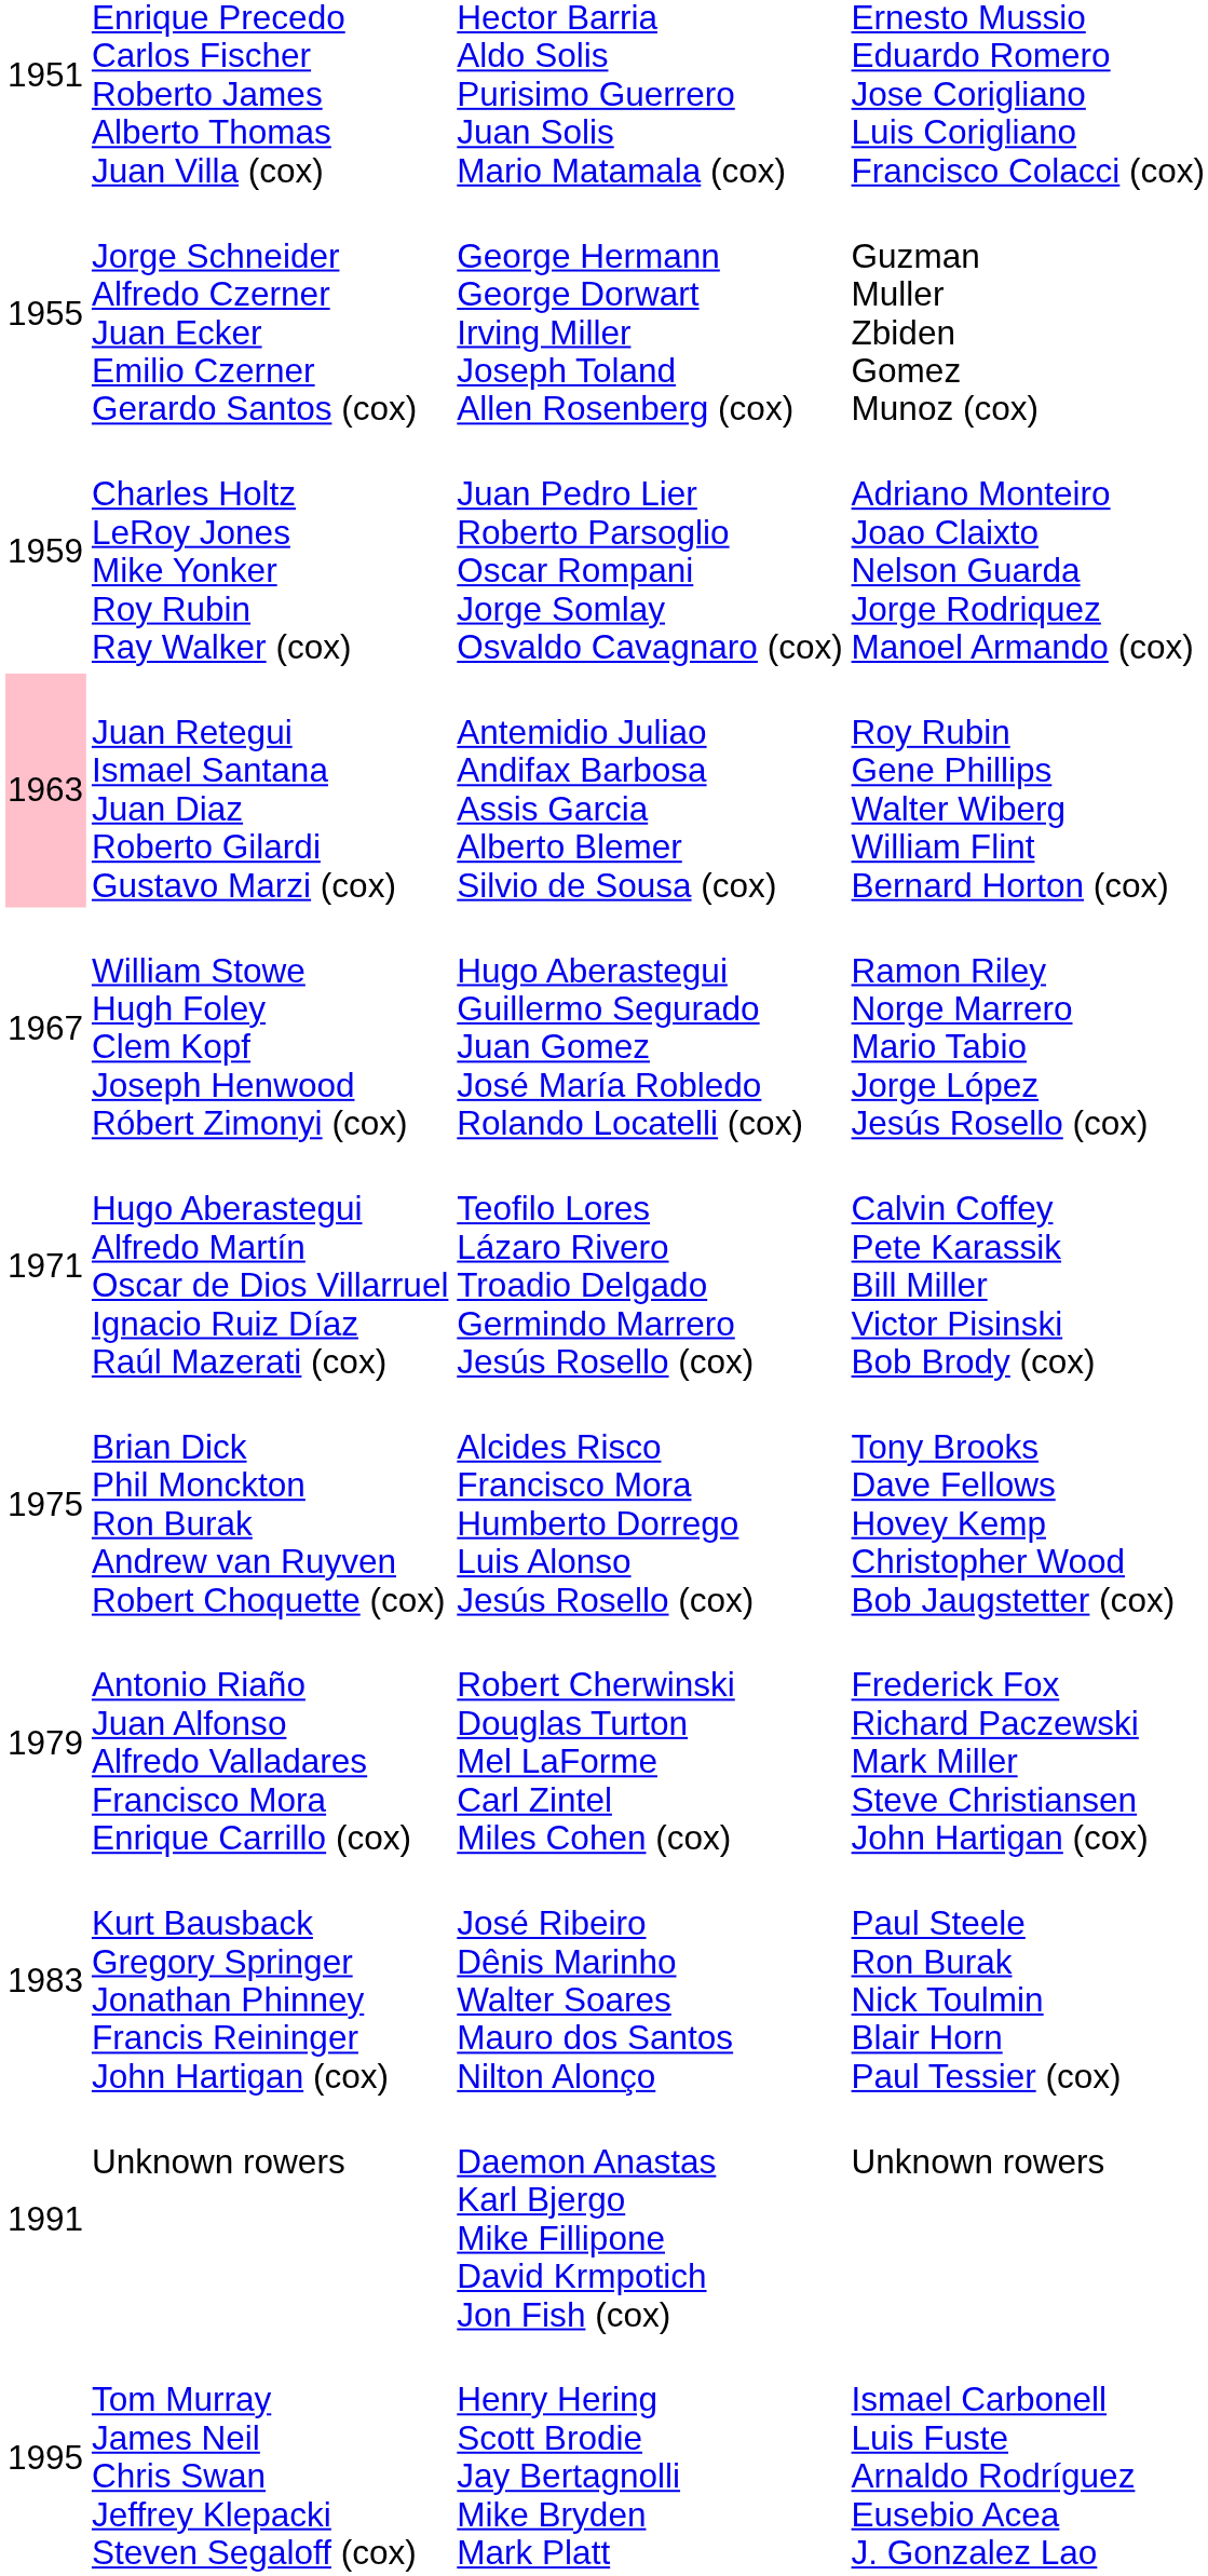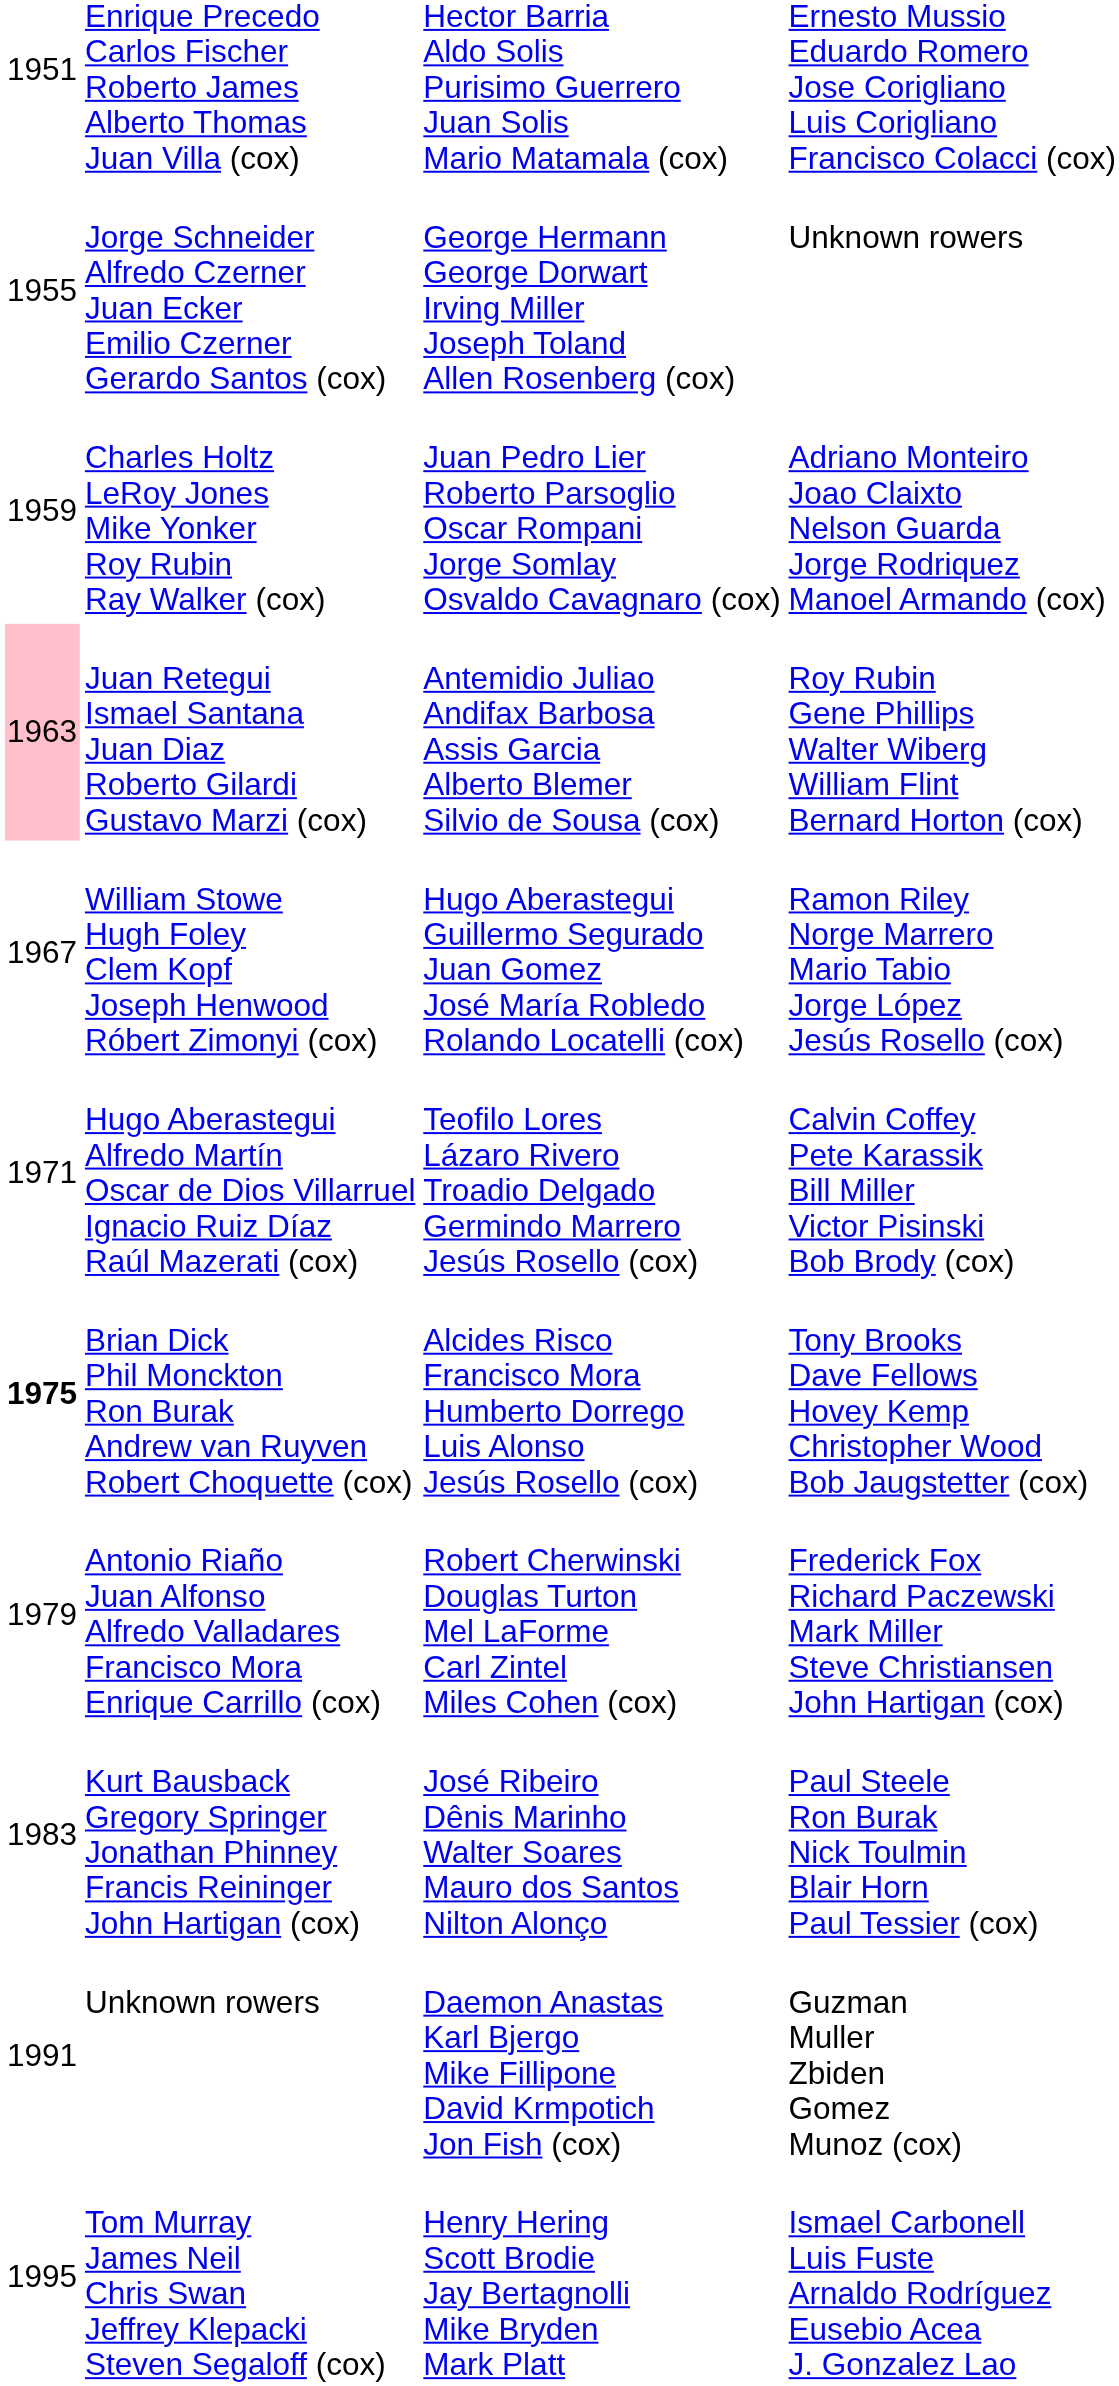 <table>
 <tr>
 <td>1951</td>
 <td><br><a href='#'>Enrique Precedo</a><br><a href='#'>Carlos Fischer</a><br><a href='#'>Roberto James</a><br><a href='#'>Alberto Thomas</a><br><a href='#'>Juan Villa</a> (cox)</td>
 <td><br><a href='#'>Hector Barria</a><br><a href='#'>Aldo Solis</a><br><a href='#'>Purisimo Guerrero</a><br><a href='#'>Juan Solis</a><br><a href='#'>Mario Matamala</a> (cox)</td>
 <td><br><a href='#'>Ernesto Mussio</a><br><a href='#'>Eduardo Romero</a><br><a href='#'>Jose Corigliano</a><br><a href='#'>Luis Corigliano</a><br><a href='#'>Francisco Colacci</a> (cox)</td>
 </tr>
 <tr>
 <td>1955</td>
 <td><br><a href='#'>Jorge Schneider</a><br><a href='#'>Alfredo Czerner</a><br><a href='#'>Juan Ecker</a><br><a href='#'>Emilio Czerner</a><br><a href='#'>Gerardo Santos</a> (cox)</td>
 <td><br><a href='#'>George Hermann</a><br><a href='#'>George Dorwart</a><br><a href='#'>Irving Miller</a><br><a href='#'>Joseph Toland</a><br><a href='#'>Allen Rosenberg</a> (cox)</td>
-<td><br>Guzman<br>Muller<br>Zbiden<br>Gomez<br>Munoz (cox)</td>
+<td valign=top><br>Unknown rowers</td>
 </tr>
 <tr>
 <td>1959</td>
 <td><br><a href='#'>Charles Holtz</a><br><a href='#'>LeRoy Jones</a><br><a href='#'>Mike Yonker</a><br><a href='#'>Roy Rubin</a><br><a href='#'>Ray Walker</a> (cox)</td>
 <td><br><a href='#'>Juan Pedro Lier</a><br><a href='#'>Roberto Parsoglio</a><br><a href='#'>Oscar Rompani</a><br><a href='#'>Jorge Somlay</a><br><a href='#'>Osvaldo Cavagnaro</a> (cox)</td>
 <td><br><a href='#'>Adriano Monteiro</a><br><a href='#'>Joao Claixto</a><br><a href='#'>Nelson Guarda</a><br><a href='#'>Jorge Rodriquez</a><br><a href='#'>Manoel Armando</a> (cox)</td>
 </tr>
 <tr>
 <td style="background: pink;">1963</td>
 <td><br><a href='#'>Juan Retegui</a><br><a href='#'>Ismael Santana</a><br><a href='#'>Juan Diaz</a><br><a href='#'>Roberto Gilardi</a><br><a href='#'>Gustavo Marzi</a> (cox)</td>
 <td><br><a href='#'>Antemidio Juliao</a><br><a href='#'>Andifax Barbosa</a><br><a href='#'>Assis Garcia</a><br><a href='#'>Alberto Blemer</a><br><a href='#'>Silvio de Sousa</a> (cox)</td>
 <td><br><a href='#'>Roy Rubin</a><br><a href='#'>Gene Phillips</a><br><a href='#'>Walter Wiberg</a><br><a href='#'>William Flint</a><br><a href='#'>Bernard Horton</a> (cox)</td>
 </tr>
 <tr>
 <td>1967</td>
 <td><br><a href='#'>William Stowe</a><br> <a href='#'>Hugh Foley</a><br> <a href='#'>Clem Kopf</a><br> <a href='#'>Joseph Henwood</a><br> <a href='#'>Róbert Zimonyi</a> (cox)</td>
 <td><br><a href='#'>Hugo Aberastegui</a><br> <a href='#'>Guillermo Segurado</a><br> <a href='#'>Juan Gomez</a><br> <a href='#'>José María Robledo</a><br> <a href='#'>Rolando Locatelli</a> (cox)</td>
 <td><br><a href='#'>Ramon Riley</a><br> <a href='#'>Norge Marrero</a><br> <a href='#'>Mario Tabio</a><br> <a href='#'>Jorge López</a><br> <a href='#'>Jesús Rosello</a> (cox)</td>
 </tr>
 <tr>
 <td>1971</td>
 <td><br><a href='#'>Hugo Aberastegui</a><br><a href='#'>Alfredo Martín</a><br><a href='#'>Oscar de Dios Villarruel</a><br><a href='#'>Ignacio Ruiz Díaz</a><br><a href='#'>Raúl Mazerati</a> (cox)</td>
 <td><br><a href='#'>Teofilo Lores</a><br><a href='#'>Lázaro Rivero</a><br><a href='#'>Troadio Delgado</a><br><a href='#'>Germindo Marrero</a><br><a href='#'>Jesús Rosello</a> (cox)</td>
 <td><br><a href='#'>Calvin Coffey</a><br> <a href='#'>Pete Karassik</a><br> <a href='#'>Bill Miller</a><br> <a href='#'>Victor Pisinski</a><br> <a href='#'>Bob Brody</a> (cox)</td>
 </tr>
 <tr>
-<td>1975</td>
+<td><strong>1975</strong></td>
 <td><br><a href='#'>Brian Dick</a><br><a href='#'>Phil Monckton</a><br><a href='#'>Ron Burak</a><br><a href='#'>Andrew van Ruyven</a><br><a href='#'>Robert Choquette</a> (cox)</td>
 <td><br><a href='#'>Alcides Risco</a><br><a href='#'>Francisco Mora</a><br><a href='#'>Humberto Dorrego</a><br><a href='#'>Luis Alonso</a><br><a href='#'>Jesús Rosello</a> (cox)</td>
 <td><br><a href='#'>Tony Brooks</a><br><a href='#'>Dave Fellows</a><br><a href='#'>Hovey Kemp</a><br><a href='#'>Christopher Wood</a><br><a href='#'>Bob Jaugstetter</a> (cox)</td>
 </tr>
 <tr>
 <td>1979</td>
 <td><br><a href='#'>Antonio Riaño</a><br><a href='#'>Juan Alfonso</a><br><a href='#'>Alfredo Valladares</a><br><a href='#'>Francisco Mora</a><br><a href='#'>Enrique Carrillo</a> (cox)</td>
 <td><br><a href='#'>Robert Cherwinski</a><br><a href='#'>Douglas Turton</a><br><a href='#'>Mel LaForme</a><br><a href='#'>Carl Zintel</a><br><a href='#'>Miles Cohen</a> (cox)</td>
 <td><br><a href='#'>Frederick Fox</a><br><a href='#'>Richard Paczewski</a><br><a href='#'>Mark Miller</a><br><a href='#'>Steve Christiansen</a><br><a href='#'>John Hartigan</a> (cox)</td>
 </tr>
 <tr>
 <td>1983</td>
 <td><br><a href='#'>Kurt Bausback</a><br><a href='#'>Gregory Springer</a><br><a href='#'>Jonathan Phinney</a><br><a href='#'>Francis Reininger</a><br><a href='#'>John Hartigan</a> (cox)</td>
 <td><br><a href='#'>José Ribeiro</a><br><a href='#'>Dênis Marinho</a><br><a href='#'>Walter Soares</a><br><a href='#'>Mauro dos Santos</a><br><a href='#'>Nilton Alonço</a></td>
 <td><br><a href='#'>Paul Steele</a><br><a href='#'>Ron Burak</a><br><a href='#'>Nick Toulmin</a><br><a href='#'>Blair Horn</a><br><a href='#'>Paul Tessier</a> (cox)</td>
 </tr>
 <tr>
 <td>1991</td>
 <td valign=top><br>Unknown rowers</td>
 <td><br><a href='#'>Daemon Anastas</a><br><a href='#'>Karl Bjergo</a><br><a href='#'>Mike Fillipone</a><br><a href='#'>David Krmpotich</a><br><a href='#'>Jon Fish</a> (cox)</td>
-<td valign=top><br>Unknown rowers</td>
+<td><br>Guzman<br>Muller<br>Zbiden<br>Gomez<br>Munoz (cox)</td>
 </tr>
 <tr>
 <td>1995</td>
 <td><br><a href='#'>Tom Murray</a><br><a href='#'>James Neil</a><br><a href='#'>Chris Swan</a><br><a href='#'>Jeffrey Klepacki</a><br><a href='#'>Steven Segaloff</a> (cox)</td>
 <td><br><a href='#'>Henry Hering</a><br><a href='#'>Scott Brodie</a><br><a href='#'>Jay Bertagnolli</a><br><a href='#'>Mike Bryden</a><br><a href='#'>Mark Platt</a></td>
 <td><br><a href='#'>Ismael Carbonell</a><br><a href='#'>Luis Fuste</a><br><a href='#'>Arnaldo Rodríguez</a><br><a href='#'>Eusebio Acea</a><br><a href='#'>J. Gonzalez Lao</a></td>
 </tr>
 <tr>
 </tr>
 </table>
